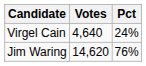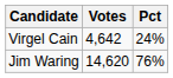 <table class="wikitable" style="margin:0.5em; font-size:95%;">
 <tr>
 <th scope="col">Candidate</th>
 <th scope="col">Votes</th>
 <th scope="col">Pct</th>
 </tr>
 <tr>
 <td>Virgel Cain</td>
-<td>4,640</td>
+<td>4,642</td>
 <td>24%</td>
 </tr>
 <tr>
 <td>Jim Waring</td>
 <td>14,620</td>
 <td>76%</td>
 </tr>
 </table>
